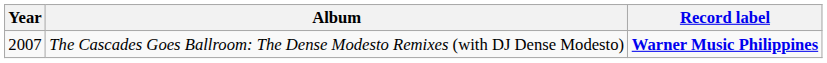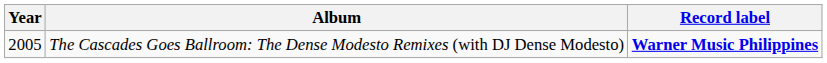 <table class="wikitable" style=text-align:center;>
 <tr>
 <th>Year</th>
 <th>Album</th>
 <th><a href='#'>Record label</a></th>
 </tr>
 <tr>
-<td>2007</td>
+<td>2005</td>
 <td><em>The Cascades Goes Ballroom: The Dense Modesto Remixes</em> (with DJ Dense Modesto)</td>
 <td><strong><a href='#'>Warner Music Philippines</a></strong></td>
 </tr>
 </table>
